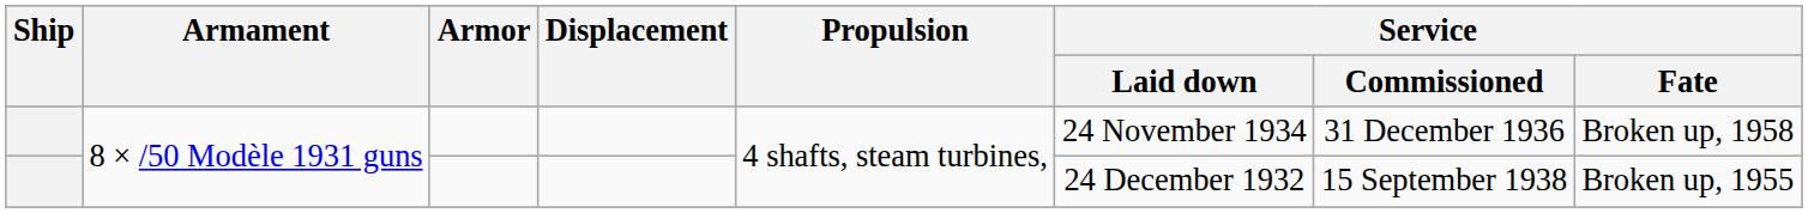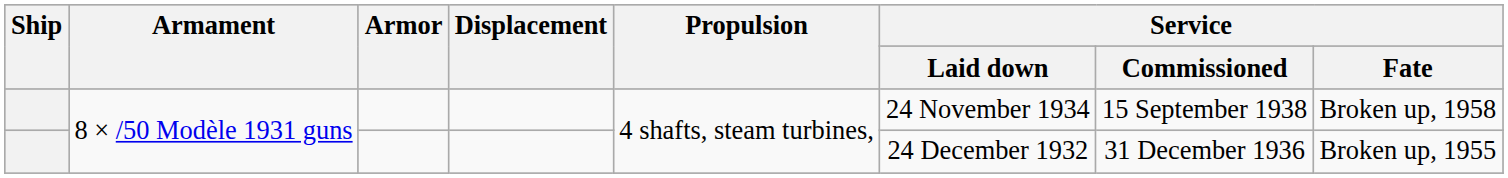 <table class="wikitable plainrowheaders" style="text-align: center;">
 <tr valign="top">
 <th scope="col" rowspan="2">Ship</th>
 <th scope="col" rowspan="2">Armament</th>
 <th scope="col" rowspan="2">Armor</th>
 <th scope="col" rowspan="2">Displacement</th>
 <th scope="col" rowspan="2">Propulsion</th>
 <th scope="col" colspan="3">Service</th>
 </tr>
 <tr valign="top">
 <th scope="col">Laid down</th>
 <th scope="col">Commissioned</th>
 <th scope="col">Fate</th>
 </tr>
 <tr valign="center">
 <th scope="row"></th>
 <td rowspan="2">8 × <a href='#'> /50 Modèle 1931 guns</a></td>
 <td></td>
 <td></td>
 <td rowspan="2">4 shafts, steam turbines, </td>
 <td>24 November 1934</td>
-<td>31 December 1936</td>
+<td>15 September 1938</td>
 <td>Broken up, 1958</td>
 </tr>
 <tr valign="center">
 <th scope="row"></th>
 <td></td>
 <td></td>
 <td>24 December 1932</td>
-<td>15 September 1938</td>
+<td>31 December 1936</td>
 <td>Broken up, 1955</td>
 </tr>
 </table>
